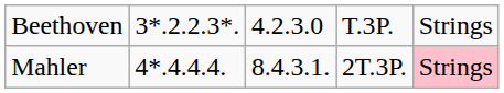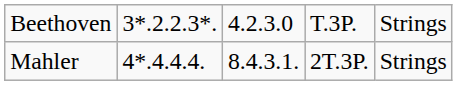 <table class="wikitable">
 <tr>
 <td>Beethoven</td>
 <td>3*.2.2.3*.</td>
 <td>4.2.3.0</td>
 <td>T.3P.</td>
 <td>Strings</td>
 </tr>
 <tr>
 <td>Mahler</td>
 <td>4*.4.4.4.</td>
 <td>8.4.3.1.</td>
 <td>2T.3P.</td>
-<td style="background: pink;">Strings</td>
+<td>Strings</td>
 </tr>
 </table>
